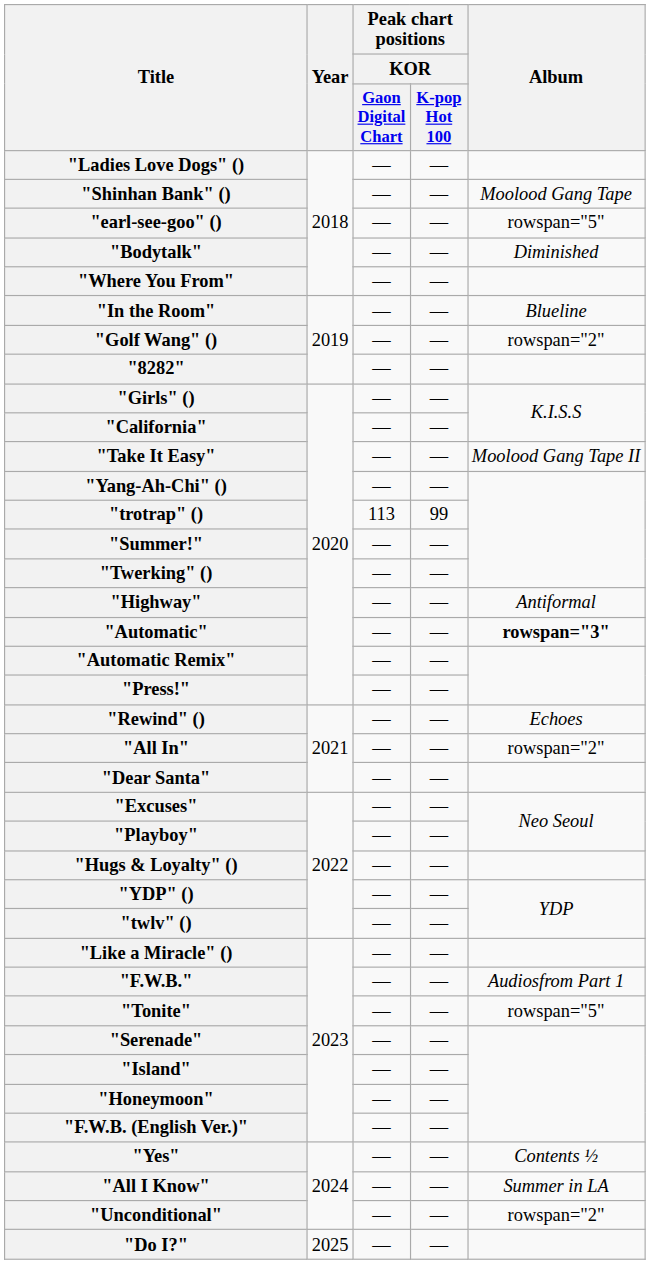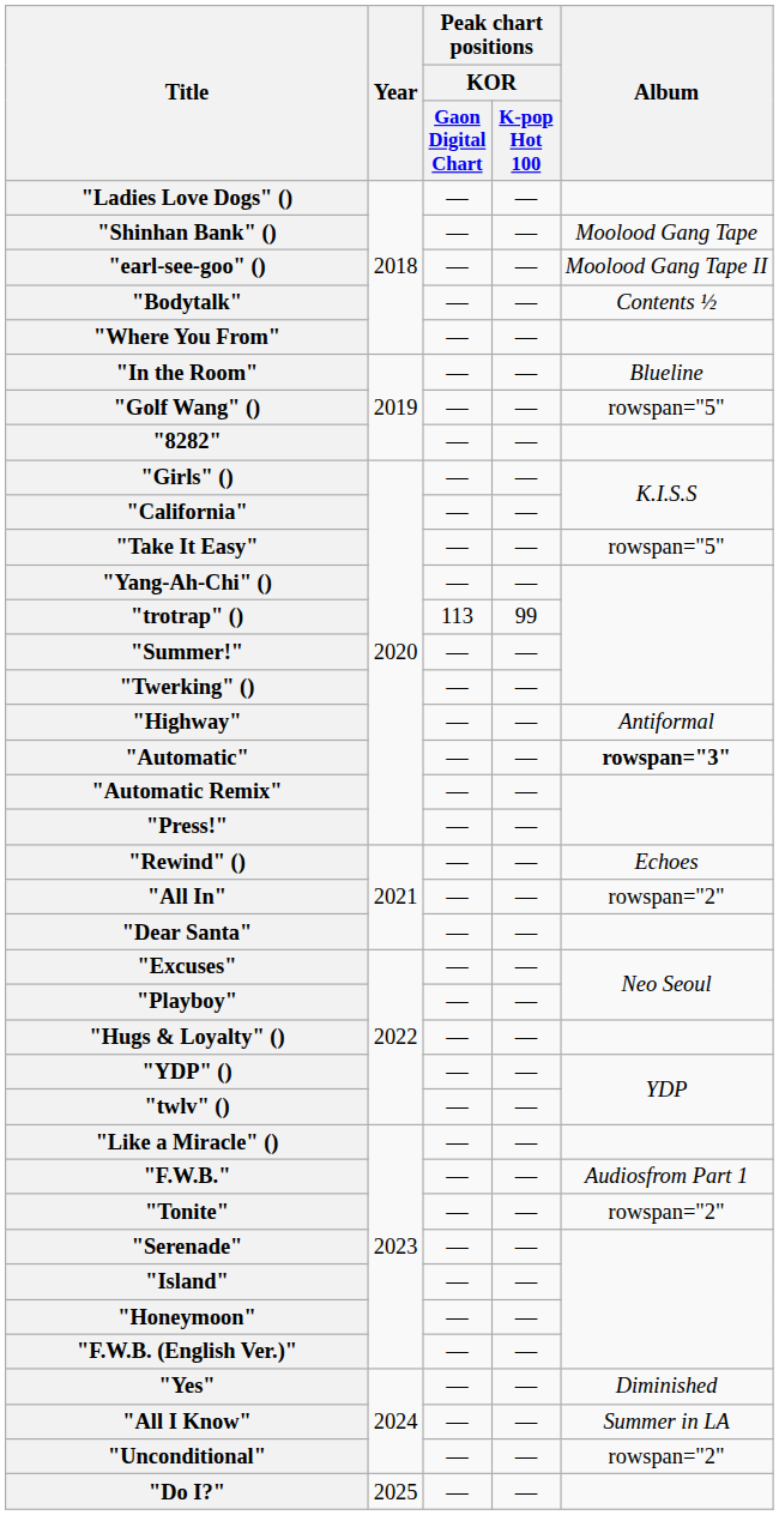 <table class="wikitable plainrowheaders" style="text-align:center;" border="1">
 <tr>
 <th scope="col" rowspan="3" style="width:16em;">Title</th>
 <th scope="col" rowspan="3">Year</th>
 <th scope="col" colspan="2">Peak chart positions</th>
 <th scope="col" rowspan="3">Album</th>
 </tr>
 <tr>
 <th scope="col" colspan="2">KOR</th>
 </tr>
 <tr>
 <th scope="col" style="width:3em;font-size:90%;"><a href='#'>Gaon Digital Chart</a><br></th>
 <th scope="col" style="width:3em;font-size:90%;"><a href='#'>K-pop Hot 100</a><br></th>
 </tr>
 <tr>
 <th scope="row">"Ladies Love Dogs" ()<br></th>
 <td rowspan="5">2018</td>
 <td>—</td>
 <td>—</td>
 <td></td>
 </tr>
 <tr>
 <th scope="row">"Shinhan Bank" ()<br></th>
 <td>—</td>
 <td>—</td>
 <td><em>Moolood Gang Tape</em></td>
 </tr>
 <tr>
 <th scope="row">"earl-see-goo" ()<br></th>
 <td>—</td>
 <td>—</td>
-<td>rowspan="5" </td>
+<td><em>Moolood Gang Tape II</em></td>
 </tr>
 <tr>
 <th scope="row">"Bodytalk"</th>
 <td>—</td>
 <td>—</td>
-<td><em>Diminished</em></td>
+<td><em>Contents ½</em></td>
 </tr>
 <tr>
 <th scope="row">"Where You From"</th>
 <td>—</td>
 <td>—</td>
 <td></td>
 </tr>
 <tr>
 <th scope="row">"In the Room"</th>
 <td rowspan="3">2019</td>
 <td>—</td>
 <td>—</td>
 <td><em>Blueline</em></td>
 </tr>
 <tr>
 <th scope="row">"Golf Wang" ()<br></th>
 <td>—</td>
 <td>—</td>
-<td>rowspan="2" </td>
+<td>rowspan="5" </td>
 </tr>
 <tr>
 <th scope="row">"8282"<br></th>
 <td>—</td>
 <td>—</td>
 </tr>
 <tr>
 <th scope="row">"Girls" ()</th>
 <td rowspan="11">2020</td>
 <td>—</td>
 <td>—</td>
 <td rowspan="2"><em>K.I.S.S</em></td>
 </tr>
 <tr>
 <th scope="row">"California"</th>
 <td>—</td>
 <td>—</td>
 </tr>
 <tr>
 <th scope="row">"Take It Easy"</th>
 <td>—</td>
 <td>—</td>
-<td><em>Moolood Gang Tape II</em></td>
+<td>rowspan="5" </td>
 </tr>
 <tr>
 <th scope="row">"Yang-Ah-Chi" ()<br></th>
 <td>—</td>
 <td>—</td>
 </tr>
 <tr>
 <th scope="row">"trotrap" ()<br></th>
 <td>113</td>
 <td>99</td>
 </tr>
 <tr>
 <th scope="row">"Summer!"<br></th>
 <td>—</td>
 <td>—</td>
 </tr>
 <tr>
 <th scope="row">"Twerking" ()<br></th>
 <td>—</td>
 <td>—</td>
 </tr>
 <tr>
 <th scope="row">"Highway"</th>
 <td>—</td>
 <td>—</td>
 <td><em>Antiformal</em></td>
 </tr>
 <tr>
 <th scope="row">"Automatic"<br></th>
 <td>—</td>
 <td>—</td>
 <td><strong>rowspan="3" </strong></td>
 </tr>
 <tr>
 <th scope="row">"Automatic Remix"<br></th>
 <td>—</td>
 <td>—</td>
 </tr>
 <tr>
 <th scope="row">"Press!"<br></th>
 <td>—</td>
 <td>—</td>
 </tr>
 <tr>
 <th scope="row">"Rewind" ()</th>
 <td rowspan="3">2021</td>
 <td>—</td>
 <td>—</td>
 <td><em>Echoes</em></td>
 </tr>
 <tr>
 <th scope="row">"All In"</th>
 <td>—</td>
 <td>—</td>
 <td>rowspan="2" </td>
 </tr>
 <tr>
 <th scope="row">"Dear Santa"</th>
 <td>—</td>
 <td>—</td>
 </tr>
 <tr>
 <th scope="row">"Excuses"</th>
 <td rowspan="5">2022</td>
 <td>—</td>
 <td>—</td>
 <td rowspan="2"><em>Neo Seoul</em></td>
 </tr>
 <tr>
 <th scope="row">"Playboy"</th>
 <td>—</td>
 <td>—</td>
 </tr>
 <tr>
 <th scope="row">"Hugs & Loyalty" ()<br></th>
 <td>—</td>
 <td>—</td>
 <td></td>
 </tr>
 <tr>
 <th scope="row">"YDP" ()<br></th>
 <td>—</td>
 <td>—</td>
 <td rowspan="2"><em>YDP</em></td>
 </tr>
 <tr>
 <th scope="row">"twlv" ()</th>
 <td>—</td>
 <td>—</td>
 </tr>
 <tr>
 <th scope="row">"Like a Miracle" ()</th>
 <td rowspan="7">2023</td>
 <td>—</td>
 <td>—</td>
 <td></td>
 </tr>
 <tr>
 <th scope="row">"F.W.B."<br></th>
 <td>—</td>
 <td>—</td>
 <td><em>Audiosfrom Part 1</em></td>
 </tr>
 <tr>
 <th scope="row">"Tonite"</th>
 <td>—</td>
 <td>—</td>
-<td>rowspan="5" </td>
+<td>rowspan="2" </td>
 </tr>
 <tr>
 <th scope="row">"Serenade"</th>
 <td>—</td>
 <td>—</td>
 </tr>
 <tr>
 <th scope="row">"Island"<br></th>
 <td>—</td>
 <td>—</td>
 </tr>
 <tr>
 <th scope="row">"Honeymoon"</th>
 <td>—</td>
 <td>—</td>
 </tr>
 <tr>
 <th scope="row">"F.W.B. (English Ver.)"</th>
 <td>—</td>
 <td>—</td>
 </tr>
 <tr>
 <th scope="row">"Yes"<br></th>
 <td rowspan="3">2024</td>
 <td>—</td>
 <td>—</td>
-<td><em>Contents ½</em></td>
+<td><em>Diminished</em></td>
 </tr>
 <tr>
 <th scope="row">"All I Know"<br></th>
 <td>—</td>
 <td>—</td>
 <td><em>Summer in LA</em></td>
 </tr>
 <tr>
 <th scope="row">"Unconditional"</th>
 <td>—</td>
 <td>—</td>
 <td>rowspan="2" </td>
 </tr>
 <tr>
 <th scope="row">"Do I?"</th>
 <td>2025</td>
 <td>—</td>
 <td>—</td>
 </tr>
 </table>
